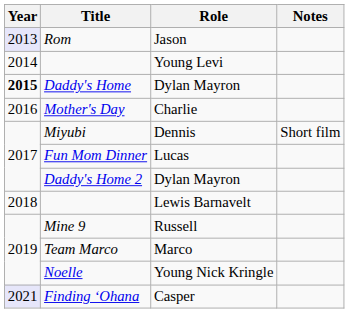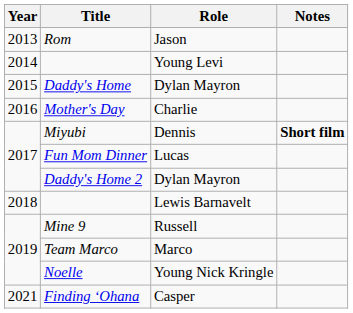 <table class = "wikitable sortable">
 <tr>
 <th>Year</th>
 <th>Title</th>
 <th scope="col" class="unsortable">Role</th>
 <th scope="col" class="unsortable">Notes</th>
 </tr>
 <tr>
-<td style="background: lavender;">2013</td>
+<td>2013</td>
 <td><em>Rom</em></td>
 <td>Jason</td>
 <td></td>
 </tr>
 <tr>
 <td>2014</td>
 <td><em></em></td>
 <td>Young Levi</td>
 <td></td>
 </tr>
 <tr>
-<td><strong>2015</strong></td>
+<td>2015</td>
 <td><em><a href='#'>Daddy's Home</a></em></td>
 <td>Dylan Mayron</td>
 <td></td>
 </tr>
 <tr>
 <td>2016</td>
 <td><em><a href='#'>Mother's Day</a></em></td>
 <td>Charlie</td>
 <td></td>
 </tr>
 <tr>
 <td rowspan="3">2017</td>
 <td><em>Miyubi</em></td>
 <td>Dennis</td>
-<td>Short film</td>
+<td><strong>Short film</strong></td>
 </tr>
 <tr>
 <td><em><a href='#'>Fun Mom Dinner</a></em></td>
 <td>Lucas</td>
 <td></td>
 </tr>
 <tr>
 <td><em><a href='#'>Daddy's Home 2</a></em></td>
 <td>Dylan Mayron</td>
 <td></td>
 </tr>
 <tr>
 <td>2018</td>
 <td><em></em></td>
 <td>Lewis Barnavelt</td>
 <td></td>
 </tr>
 <tr>
 <td rowspan="3">2019</td>
 <td><em>Mine 9</em></td>
 <td>Russell</td>
 <td></td>
 </tr>
 <tr>
 <td><em>Team Marco</em></td>
 <td>Marco</td>
 <td></td>
 </tr>
 <tr>
 <td><em><a href='#'>Noelle</a></em></td>
 <td>Young Nick Kringle</td>
 <td></td>
 </tr>
 <tr>
-<td style="background: lavender;">2021</td>
+<td>2021</td>
 <td><em><a href='#'>Finding ʻOhana</a></em></td>
 <td>Casper</td>
 <td></td>
 </tr>
 </table>
